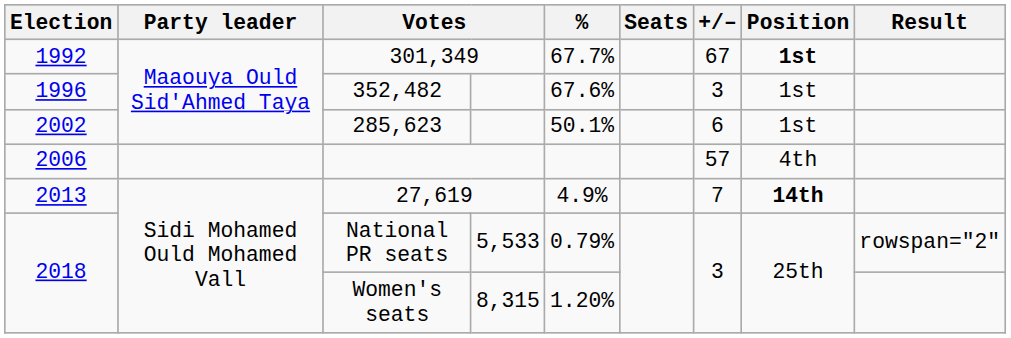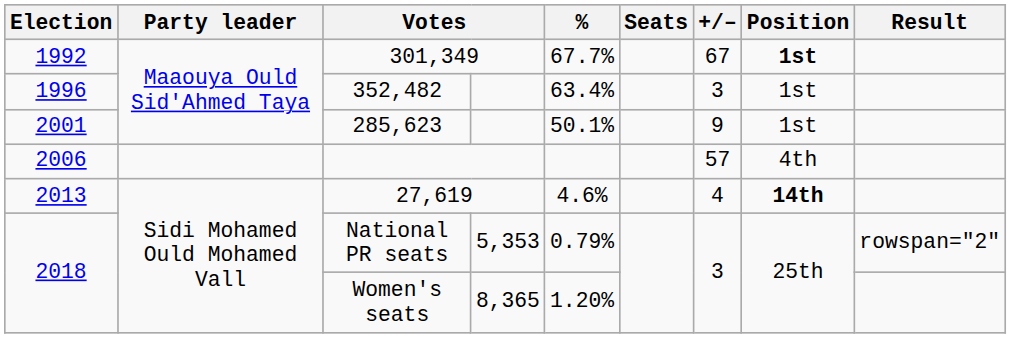 <table class=wikitable style=text-align:center>
 <tr>
 <th>Election</th>
 <th>Party leader</th>
 <th colspan="2">Votes</th>
 <th>%</th>
 <th>Seats</th>
 <th>+/–</th>
 <th>Position</th>
 <th>Result</th>
 </tr>
 <tr>
 <td><a href='#'>1992</a></td>
 <td rowspan="3"><a href='#'>Maaouya Ould Sid'Ahmed Taya</a></td>
 <td colspan="2">301,349</td>
 <td>67.7%</td>
 <td><br></td>
 <td> 67</td>
 <td><strong> 1st</strong></td>
 <td></td>
 </tr>
 <tr>
 <td><a href='#'>1996</a></td>
 <td>352,482</td>
 <td></td>
-<td>67.6%</td>
+<td>63.4%</td>
 <td><br></td>
 <td> 3</td>
 <td> 1st</td>
 <td></td>
 </tr>
 <tr>
-<td><a href='#'>2002</a></td>
+<td><a href='#'>2001</a></td>
 <td>285,623</td>
 <td></td>
 <td>50.1%</td>
 <td><br></td>
-<td> 6</td>
+<td> 9</td>
 <td> 1st</td>
 <td></td>
 </tr>
 <tr>
 <td><a href='#'>2006</a></td>
 <td></td>
 <td colspan="2"></td>
 <td></td>
 <td></td>
 <td> 57</td>
 <td> 4th</td>
 <td></td>
 </tr>
 <tr>
 <td><a href='#'>2013</a></td>
 <td rowspan="3">Sidi Mohamed Ould Mohamed Vall</td>
 <td colspan="2">27,619</td>
-<td>4.9%</td>
+<td>4.6%</td>
 <td></td>
-<td> 7</td>
+<td> 4</td>
 <td><strong> 14th</strong></td>
 <td></td>
 </tr>
 <tr>
 <td rowspan="2"><a href='#'>2018</a></td>
 <td>National PR seats</td>
-<td>5,533</td>
+<td>5,353</td>
 <td>0.79%</td>
 <td rowspan="2"></td>
 <td rowspan="2"> 3</td>
 <td rowspan="2"> 25th</td>
 <td>rowspan="2" </td>
 </tr>
 <tr>
 <td>Women's seats</td>
-<td>8,315</td>
+<td>8,365</td>
 <td>1.20%</td>
 </tr>
 </table>
